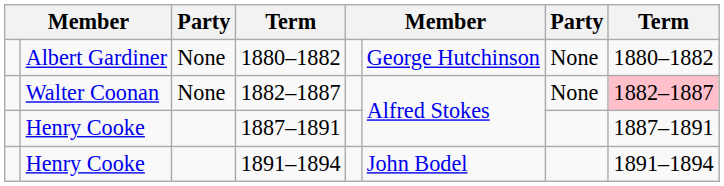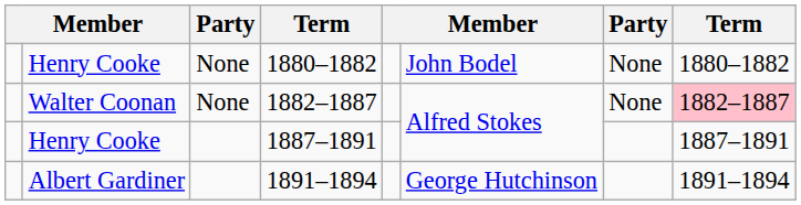 <table class="wikitable">
 <tr>
 <th colspan="2"><strong>Member</strong></th>
 <th><strong>Party</strong></th>
 <th><strong>Term</strong></th>
 <th colspan="2"><strong>Member</strong></th>
 <th><strong>Party</strong></th>
 <th><strong>Term</strong></th>
 </tr>
 <tr>
 <td> </td>
-<td><a href='#'>Albert Gardiner</a></td>
+<td><a href='#'>Henry Cooke</a></td>
 <td>None</td>
 <td>1880–1882</td>
 <td> </td>
-<td><a href='#'>George Hutchinson</a></td>
+<td><a href='#'>John Bodel</a></td>
 <td>None</td>
 <td>1880–1882</td>
 </tr>
 <tr>
 <td> </td>
 <td><a href='#'>Walter Coonan</a></td>
 <td>None</td>
 <td>1882–1887</td>
 <td> </td>
 <td rowspan="2"><a href='#'>Alfred Stokes</a></td>
 <td>None</td>
 <td style="background: pink;">1882–1887</td>
 </tr>
 <tr>
 <td> </td>
 <td><a href='#'>Henry Cooke</a></td>
 <td></td>
 <td>1887–1891</td>
 <td> </td>
 <td></td>
 <td>1887–1891</td>
 </tr>
 <tr>
 <td> </td>
-<td><a href='#'>Henry Cooke</a></td>
+<td><a href='#'>Albert Gardiner</a></td>
 <td></td>
 <td>1891–1894</td>
 <td> </td>
-<td><a href='#'>John Bodel</a></td>
+<td><a href='#'>George Hutchinson</a></td>
 <td></td>
 <td>1891–1894</td>
 </tr>
 </table>
